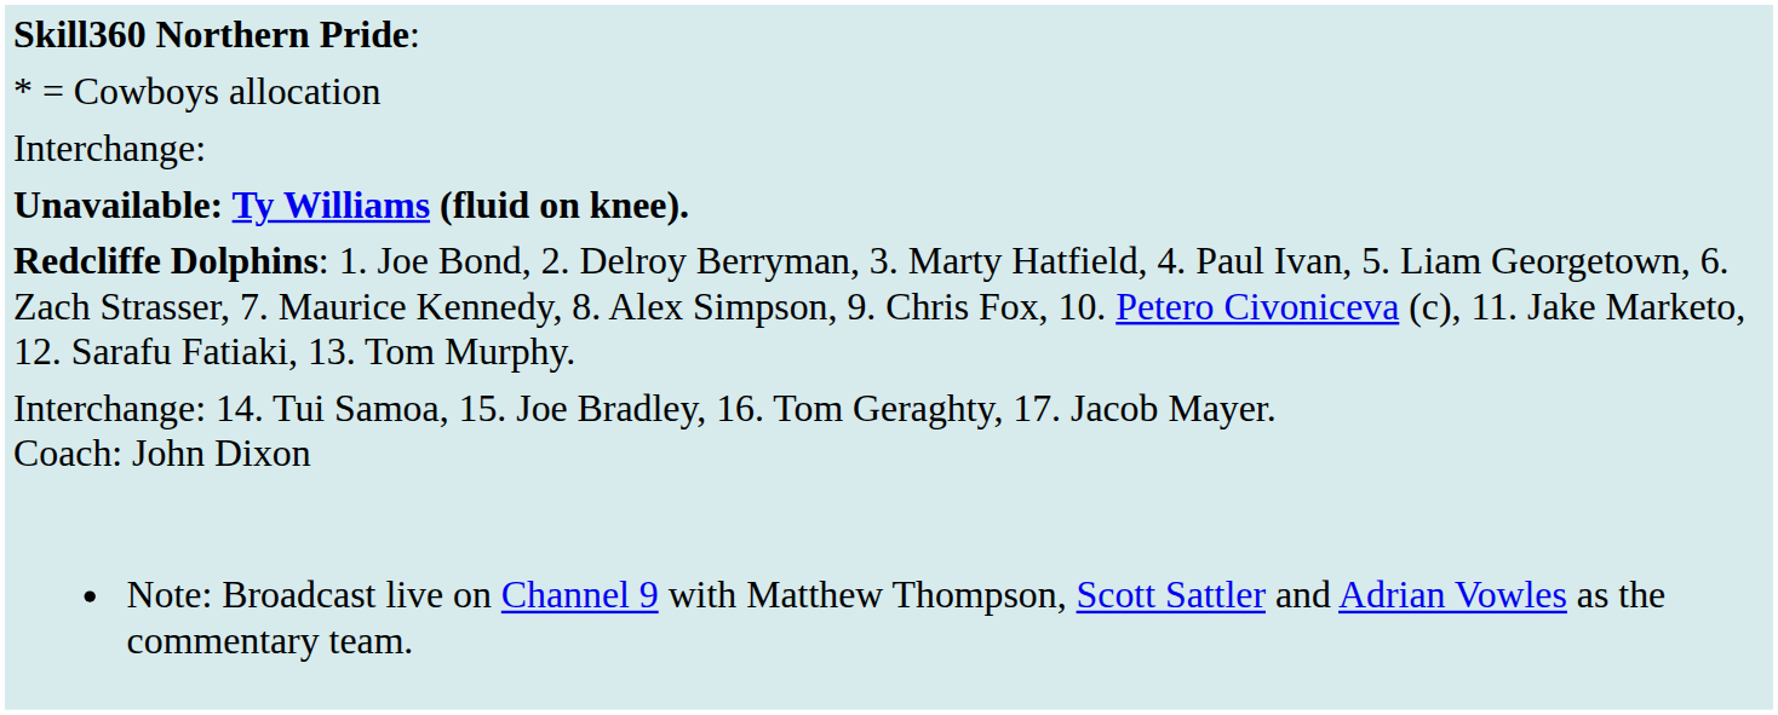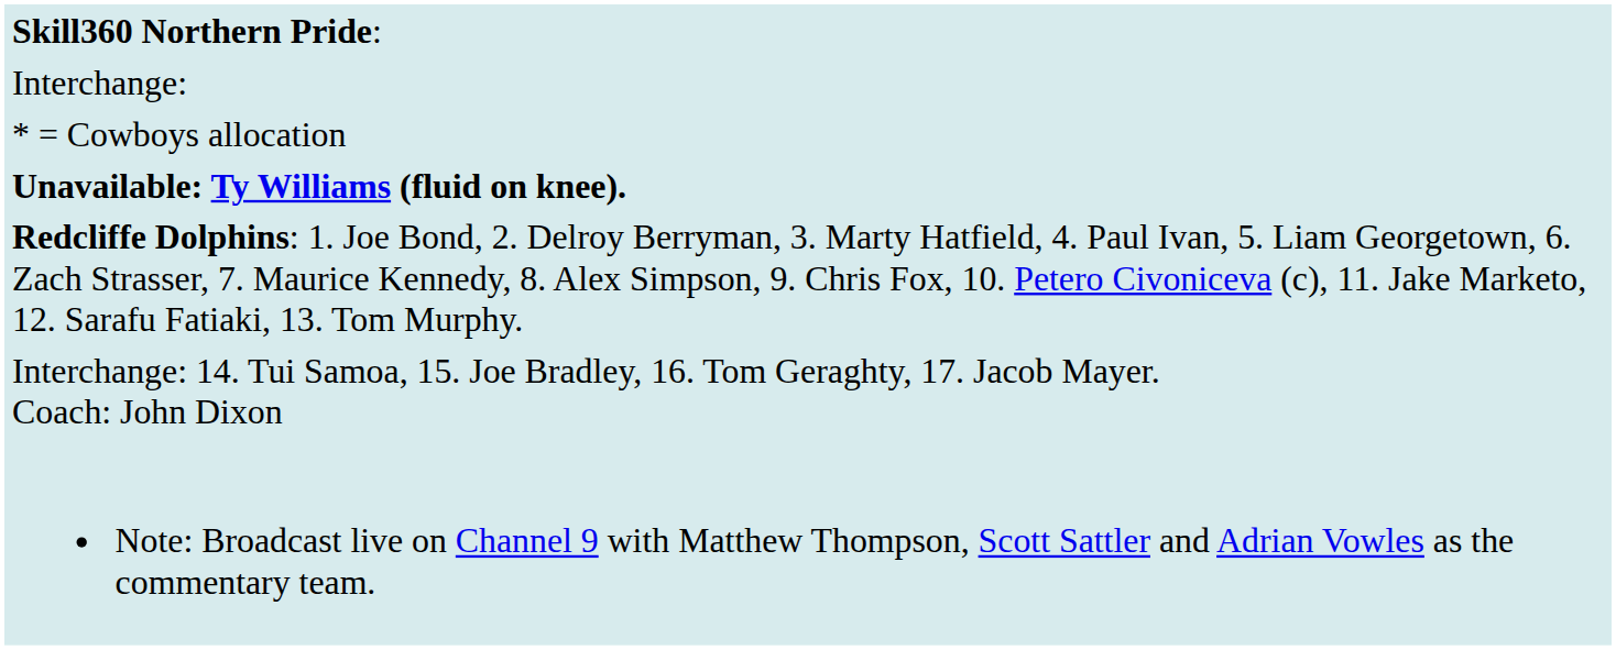 <table style="background:#d7ebed; font-size:85%; width:100%;">
 <tr>
 <td><strong>Skill360 Northern Pride</strong>:             </td>
 </tr>
 <tr>
-<td>* = Cowboys allocation</td>
+<td>Interchange:    </td>
 </tr>
 <tr>
-<td>Interchange:    </td>
+<td>* = Cowboys allocation</td>
 </tr>
 <tr>
 <td><strong>Unavailable: <a href='#'>Ty Williams</a> (fluid on knee).</strong></td>
 </tr>
 <tr>
 <td><strong>Redcliffe Dolphins</strong>: 1. Joe Bond, 2. Delroy Berryman, 3. Marty Hatfield, 4. Paul Ivan, 5. Liam Georgetown, 6. Zach Strasser, 7. Maurice Kennedy, 8. Alex Simpson, 9. Chris Fox, 10. <a href='#'>Petero Civoniceva</a> (c), 11. Jake Marketo, 12. Sarafu Fatiaki, 13. Tom Murphy.</td>
 </tr>
 <tr>
 <td>Interchange: 14. Tui Samoa, 15. Joe Bradley, 16. Tom Geraghty, 17. Jacob Mayer.<br>Coach: John Dixon</td>
 </tr>
 <tr>
 <td><br><ul><li>Note: Broadcast live on <a href='#'>Channel 9</a> with Matthew Thompson, <a href='#'>Scott Sattler</a> and <a href='#'>Adrian Vowles</a> as the commentary team.</li></ul></td>
 </tr>
 </table>
